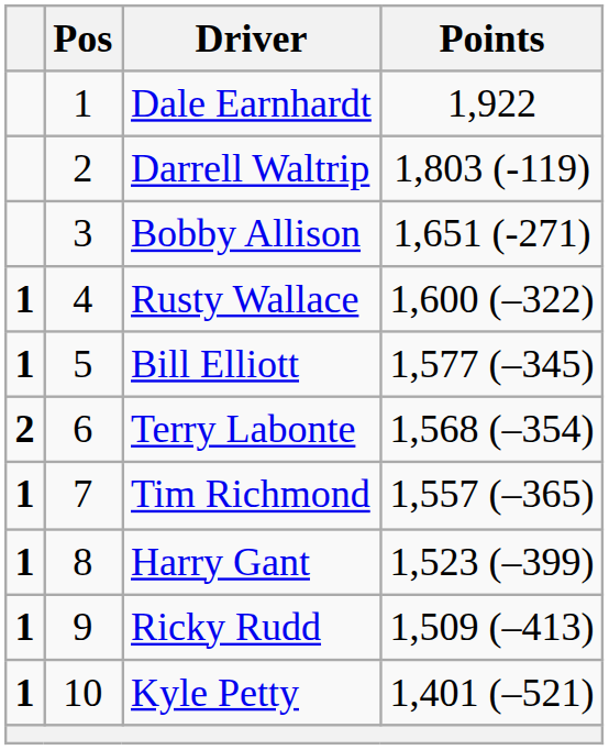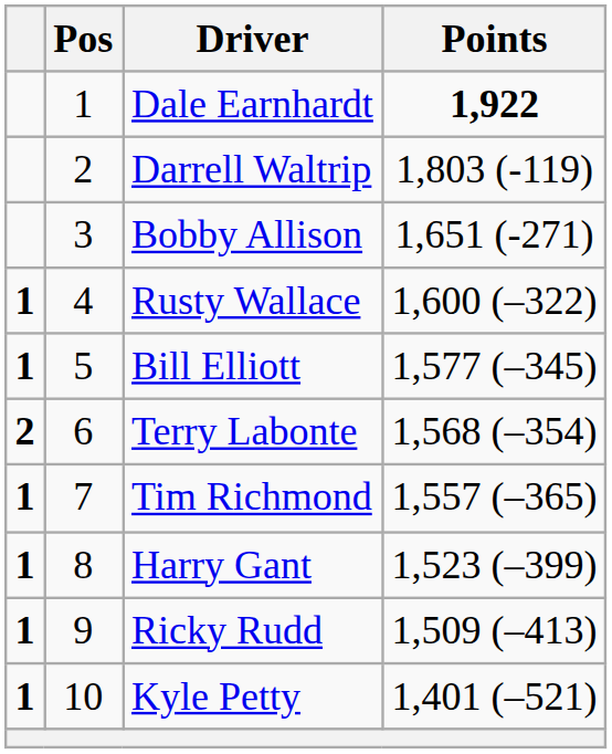 <table class="wikitable" style="font-size: 95%;">
 <tr>
 <th></th>
 <th>Pos</th>
 <th>Driver</th>
 <th>Points</th>
 </tr>
 <tr>
 <td align="left"></td>
 <td style="text-align:center;">1</td>
 <td><a href='#'>Dale Earnhardt</a></td>
-<td style="text-align:center;">1,922</td>
+<td style="text-align:center;"><strong>1,922</strong></td>
 </tr>
 <tr>
 <td align="left"></td>
 <td style="text-align:center;">2</td>
 <td><a href='#'>Darrell Waltrip</a></td>
 <td style="text-align:center;">1,803 (-119)</td>
 </tr>
 <tr>
 <td align="left"></td>
 <td style="text-align:center;">3</td>
 <td><a href='#'>Bobby Allison</a></td>
 <td style="text-align:center;">1,651 (-271)</td>
 </tr>
 <tr>
 <td align="left">  <strong>1</strong></td>
 <td style="text-align:center;">4</td>
 <td><a href='#'>Rusty Wallace</a></td>
 <td style="text-align:center;">1,600 (–322)</td>
 </tr>
 <tr>
 <td align="left">  <strong>1</strong></td>
 <td style="text-align:center;">5</td>
 <td><a href='#'>Bill Elliott</a></td>
 <td style="text-align:center;">1,577 (–345)</td>
 </tr>
 <tr>
 <td align="left">  <strong>2</strong></td>
 <td style="text-align:center;">6</td>
 <td><a href='#'>Terry Labonte</a></td>
 <td style="text-align:center;">1,568 (–354)</td>
 </tr>
 <tr>
 <td align="left">  <strong>1</strong></td>
 <td style="text-align:center;">7</td>
 <td><a href='#'>Tim Richmond</a></td>
 <td style="text-align:center;">1,557 (–365)</td>
 </tr>
 <tr>
 <td align="left">  <strong>1</strong></td>
 <td style="text-align:center;">8</td>
 <td><a href='#'>Harry Gant</a></td>
 <td style="text-align:center;">1,523 (–399)</td>
 </tr>
 <tr>
 <td align="left">  <strong>1</strong></td>
 <td style="text-align:center;">9</td>
 <td><a href='#'>Ricky Rudd</a></td>
 <td style="text-align:center;">1,509 (–413)</td>
 </tr>
 <tr>
 <td align="left">  <strong>1</strong></td>
 <td style="text-align:center;">10</td>
 <td><a href='#'>Kyle Petty</a></td>
 <td style="text-align:center;">1,401 (–521)</td>
 </tr>
 <tr class="sortbottom">
 <th colspan="9"></th>
 </tr>
 </table>
